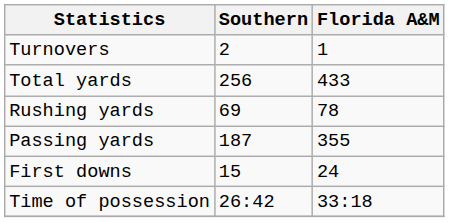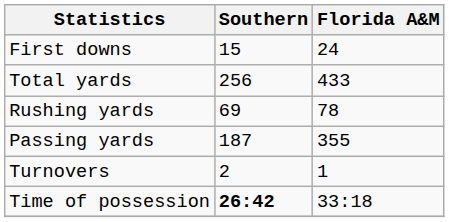 <table class="wikitable">
 <tr>
 <th>Statistics</th>
 <th>Southern</th>
 <th>Florida A&M</th>
 </tr>
 <tr>
-<td>Turnovers</td>
-<td>2</td>
-<td>1</td>
+<td>First downs</td>
+<td>15</td>
+<td>24</td>
 </tr>
 <tr>
 <td>Total yards</td>
 <td>256</td>
 <td>433</td>
 </tr>
 <tr>
 <td>Rushing yards</td>
 <td>69</td>
 <td>78</td>
 </tr>
 <tr>
 <td>Passing yards</td>
 <td>187</td>
 <td>355</td>
 </tr>
 <tr>
-<td>First downs</td>
-<td>15</td>
-<td>24</td>
+<td>Turnovers</td>
+<td>2</td>
+<td>1</td>
 </tr>
 <tr>
 <td>Time of possession</td>
-<td>26:42</td>
+<td><strong>26:42</strong></td>
 <td>33:18</td>
 </tr>
 <tr>
 </tr>
 </table>
